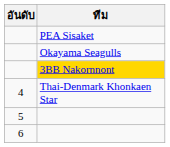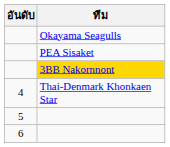 <table class="wikitable" style="text-align: center;">
 <tr>
 <th width=40>อันดับ</th>
 <th width=180>ทีม</th>
 </tr>
 <tr>
 <td></td>
-<td align="left"><a href='#'>PEA Sisaket</a></td>
+<td align="left"> <a href='#'>Okayama Seagulls</a></td>
 </tr>
 <tr>
 <td></td>
-<td align="left"> <a href='#'>Okayama Seagulls</a></td>
+<td align="left"><a href='#'>PEA Sisaket</a></td>
 </tr>
 <tr>
 <td></td>
 <td align="left" style="background: gold;"><a href='#'>3BB Nakornnont</a></td>
 </tr>
 <tr>
 <td>4</td>
 <td align="left"><a href='#'>Thai-Denmark Khonkaen Star</a></td>
 </tr>
 <tr>
 <td>5</td>
 <td align="left"></td>
 </tr>
 <tr>
 <td>6</td>
 <td align="left"></td>
 </tr>
 </table>
